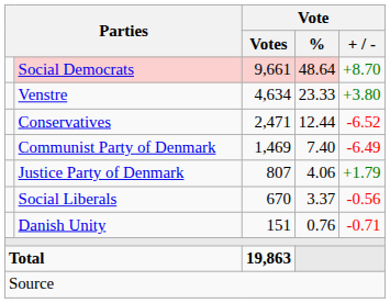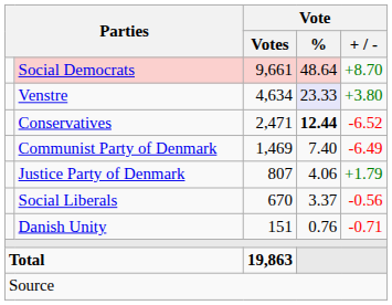 <table class="wikitable" style="text-align:right;">
 <tr>
 <th style="text-align:centre;" rowspan="2" colspan="2" width="225">Parties</th>
 <th colspan="3">Vote</th>
 </tr>
 <tr>
 <th width="15">Votes</th>
 <th width="15">%</th>
 <th width="15">+ / -</th>
 </tr>
 <tr>
 <td width="2" style="color:inherit;background:"></td>
 <td bgcolor=#fbd0ce  align="left"><a href='#'>Social Democrats</a></td>
 <td bgcolor=#fbd0ce>9,661</td>
 <td bgcolor=#fbd0ce>48.64</td>
 <td style=color:green;>+8.70</td>
 </tr>
 <tr>
 <td width="2" style="color:inherit;background:"></td>
 <td align="left"><a href='#'>Venstre</a></td>
 <td>4,634</td>
-<td>23.33</td>
+<td style="background: lavender;">23.33</td>
 <td style=color:green;>+3.80</td>
 </tr>
 <tr>
 <td width="2" style="color:inherit;background:"></td>
 <td align="left"><a href='#'>Conservatives</a></td>
 <td>2,471</td>
-<td>12.44</td>
+<td><strong>12.44</strong></td>
 <td style=color:red;>-6.52</td>
 </tr>
 <tr>
 <td width="2" style="color:inherit;background:"></td>
 <td align="left"><a href='#'>Communist Party of Denmark</a></td>
 <td>1,469</td>
 <td>7.40</td>
 <td style=color:red;>-6.49</td>
 </tr>
 <tr>
 <td width="2" style="color:inherit;background:"></td>
 <td align="left"><a href='#'>Justice Party of Denmark</a></td>
 <td>807</td>
 <td>4.06</td>
 <td style=color:green;>+1.79</td>
 </tr>
 <tr>
 <td width="2" style="color:inherit;background:"></td>
 <td align="left"><a href='#'>Social Liberals</a></td>
 <td>670</td>
 <td>3.37</td>
 <td style=color:red;>-0.56</td>
 </tr>
 <tr>
 <td width="2" style="color:inherit;background:"></td>
 <td align="left"><a href='#'>Danish Unity</a></td>
 <td>151</td>
 <td>0.76</td>
 <td style=color:red;>-0.71</td>
 </tr>
 <tr>
 <td colspan="7" bgcolor="#E9E9E9"></td>
 </tr>
 <tr>
 <td align="left" colspan="2"><strong>Total</strong></td>
 <td><strong>19,863</strong></td>
 <td bgcolor="#E9E9E9" colspan="2"></td>
 </tr>
 <tr>
 <td align="left" colspan="6">Source</td>
 </tr>
 </table>
